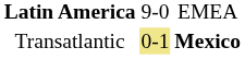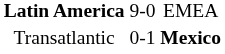 <table>
 <tr>
 <td align=center><strong>Latin America</strong></td>
 <td align=center>9-0</td>
 <td align=center>EMEA</td>
 </tr>
 <tr>
 <td align=center>Transatlantic</td>
-<td align=center style="background: khaki;">0-1</td>
+<td align=center>0-1</td>
 <td align=center><strong>Mexico</strong></td>
 </tr>
 </table>
